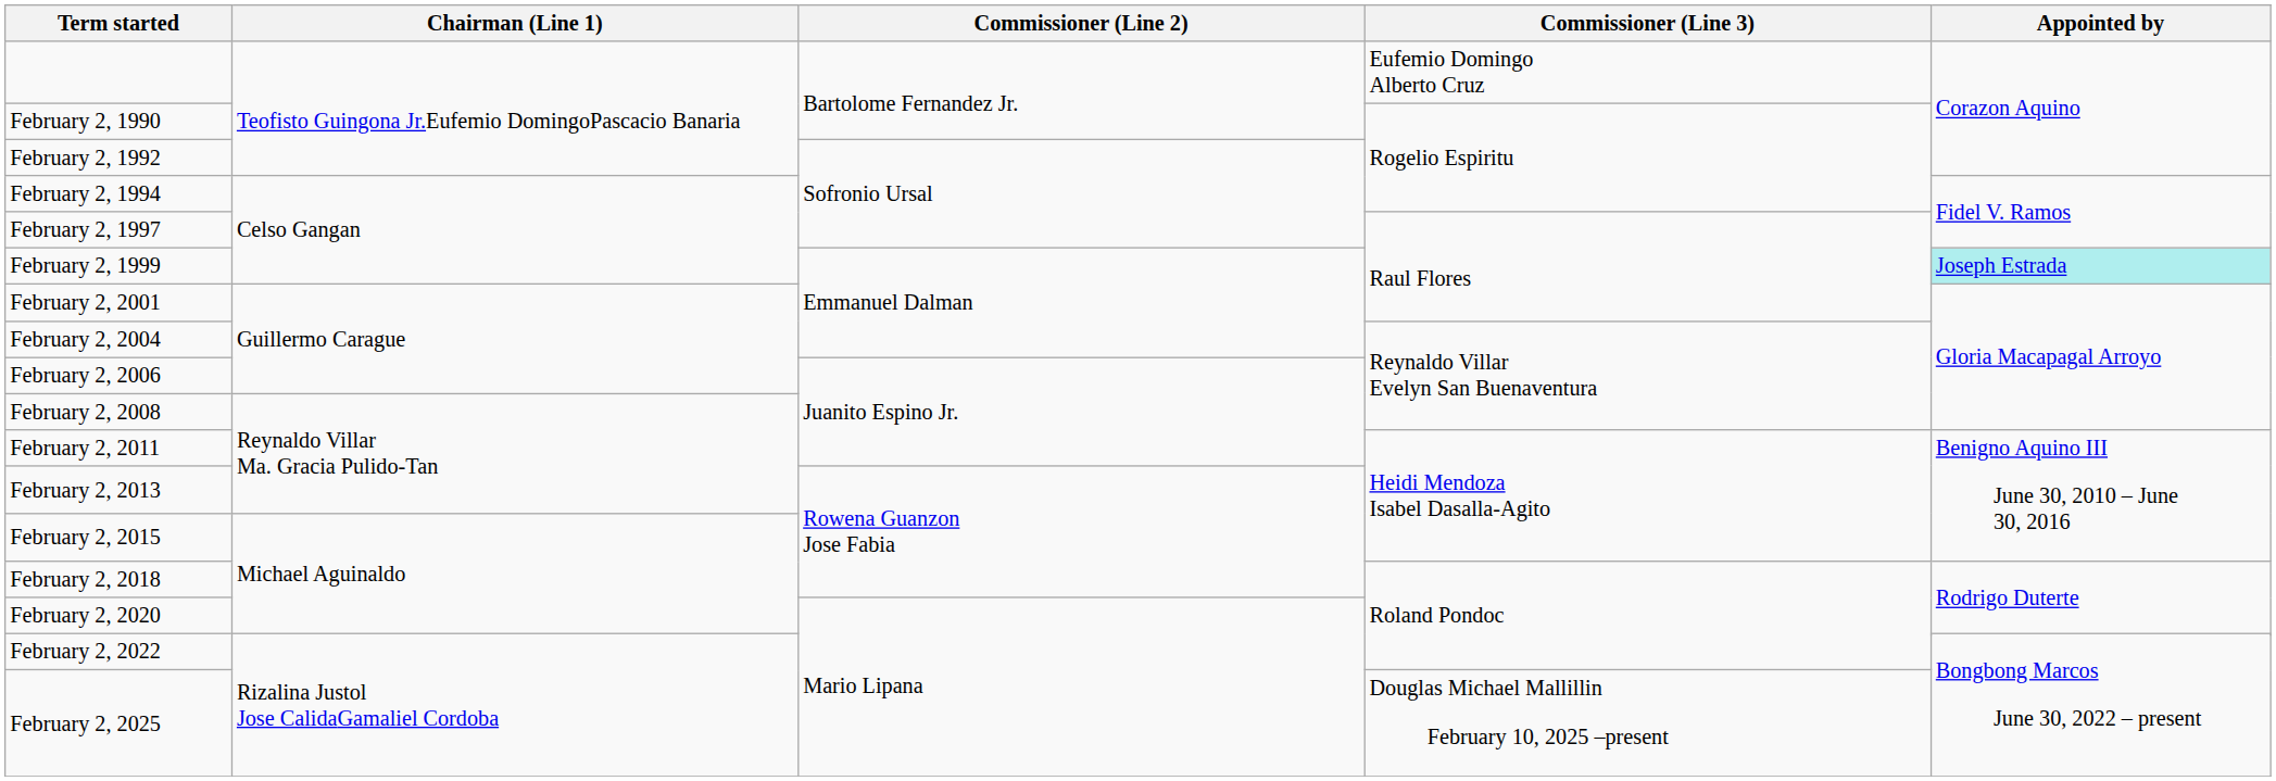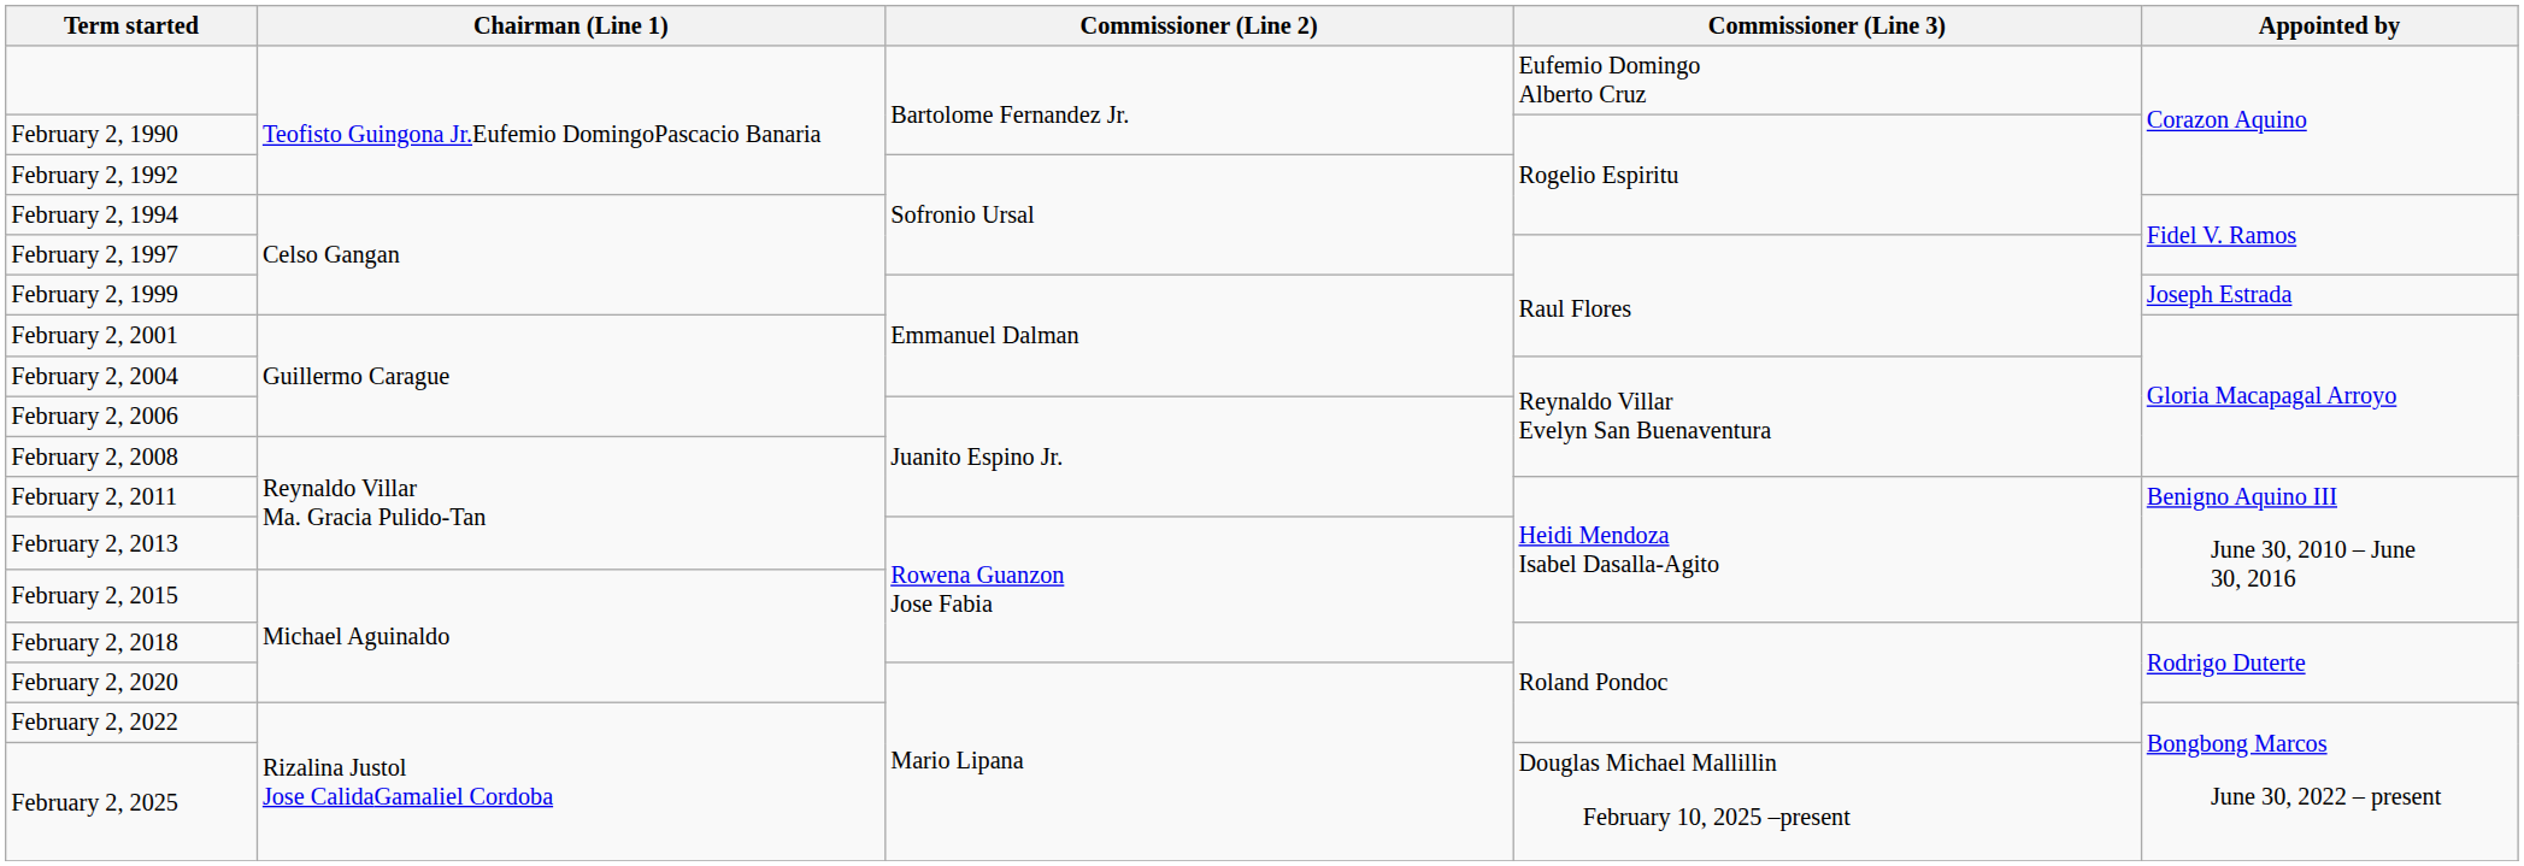 <table class="wikitable" style="font-size:95%;">
 <tr>
 <th>Term started</th>
 <th width="25%">Chairman (Line 1)</th>
 <th width="25%">Commissioner (Line 2)</th>
 <th width="25%">Commissioner (Line 3)</th>
 <th width="15%">Appointed by</th>
 </tr>
 <tr>
 <td></td>
 <td rowspan="3"><br><a href='#'>Teofisto Guingona Jr.</a>Eufemio DomingoPascacio Banaria</td>
 <td rowspan="2"><br>Bartolome Fernandez Jr.</td>
 <td>Eufemio Domingo<br>Alberto Cruz</td>
 <td rowspan="3"><a href='#'>Corazon Aquino</a><br></td>
 </tr>
 <tr>
 <td>February 2, 1990</td>
 <td rowspan="3">Rogelio Espiritu<br></td>
 </tr>
 <tr>
 <td>February 2, 1992</td>
 <td rowspan="3">Sofronio Ursal<br></td>
 </tr>
 <tr>
 <td>February 2, 1994</td>
 <td rowspan="3">Celso Gangan<br></td>
 <td rowspan="2"><a href='#'>Fidel V. Ramos</a><br></td>
 </tr>
 <tr>
 <td>February 2, 1997</td>
 <td rowspan="3"><br>Raul Flores</td>
 </tr>
 <tr>
 <td>February 2, 1999</td>
 <td rowspan="3">Emmanuel Dalman<br></td>
-<td style="background: paleturquoise;"><a href='#'>Joseph Estrada</a><br></td>
+<td><a href='#'>Joseph Estrada</a><br></td>
 </tr>
 <tr>
 <td>February 2, 2001</td>
 <td rowspan="3">Guillermo Carague<br></td>
 <td rowspan="4"><a href='#'>Gloria Macapagal Arroyo</a><br></td>
 </tr>
 <tr>
 <td>February 2, 2004</td>
 <td rowspan="3">Reynaldo Villar<br>Evelyn San Buenaventura</td>
 </tr>
 <tr>
 <td>February 2, 2006</td>
 <td rowspan="3">Juanito Espino Jr.<br></td>
 </tr>
 <tr>
 <td>February 2, 2008</td>
 <td rowspan="3">Reynaldo Villar<br>Ma. Gracia Pulido-Tan</td>
 </tr>
 <tr>
 <td>February 2, 2011</td>
 <td rowspan="3"><a href='#'>Heidi Mendoza</a><br>Isabel Dasalla-Agito</td>
 <td rowspan="3"><a href='#'>Benigno Aquino III</a><blockquote>June 30, 2010 – June 30, 2016</blockquote></td>
 </tr>
 <tr>
 <td>February 2, 2013</td>
 <td rowspan="3"><a href='#'>Rowena Guanzon</a><br>Jose Fabia</td>
 </tr>
 <tr>
 <td>February 2, 2015</td>
 <td rowspan="3">Michael Aguinaldo<br></td>
 </tr>
 <tr>
 <td>February 2, 2018</td>
 <td rowspan="4">Roland Pondoc<br></td>
 <td rowspan="3"><a href='#'>Rodrigo Duterte</a><br></td>
 </tr>
 <tr>
 <td>February 2, 2020</td>
 <td rowspan="4">Mario Lipana<br></td>
 </tr>
 <tr>
 <td rowspan="2">February 2, 2022</td>
 <td rowspan="3">Rizalina Justol<br><a href='#'>Jose Calida</a><a href='#'>Gamaliel Cordoba</a></td>
 </tr>
 <tr>
 <td rowspan="2"><a href='#'>Bongbong Marcos</a><blockquote>June 30, 2022 – present</blockquote></td>
 </tr>
 <tr>
 <td>February 2, 2025</td>
 <td>Douglas Michael Mallillin<blockquote>February 10, 2025 –present</blockquote></td>
 </tr>
 </table>
